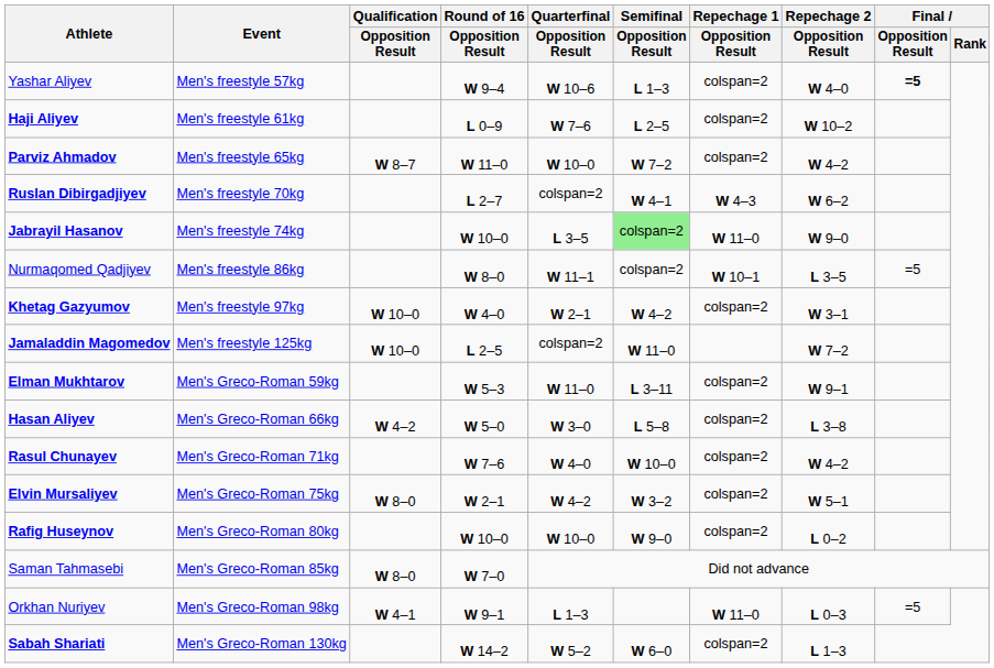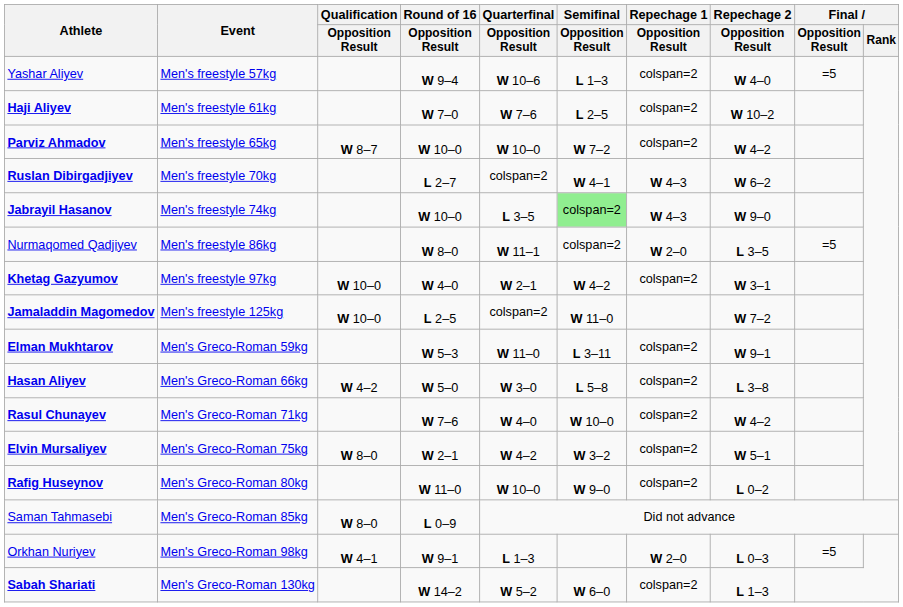 <table class="wikitable" style="font-size:90%">
 <tr>
 <th rowspan="2">Athlete</th>
 <th rowspan="2">Event</th>
 <th>Qualification</th>
 <th>Round of 16</th>
 <th>Quarterfinal</th>
 <th>Semifinal</th>
 <th>Repechage 1</th>
 <th>Repechage 2</th>
 <th colspan=2>Final / </th>
 </tr>
 <tr style="font-size: 95%">
 <th>Opposition<br>Result</th>
 <th>Opposition<br>Result</th>
 <th>Opposition<br>Result</th>
 <th>Opposition<br>Result</th>
 <th>Opposition<br>Result</th>
 <th>Opposition<br>Result</th>
 <th>Opposition<br>Result</th>
 <th>Rank</th>
 </tr>
 <tr align=center>
 <td align=left><a href='#'>Yashar Aliyev</a></td>
 <td align=left><a href='#'>Men's freestyle 57kg</a></td>
 <td></td>
 <td><br><strong>W</strong> 9–4</td>
 <td><br><strong>W</strong> 10–6</td>
 <td><br><strong>L</strong> 1–3</td>
 <td>colspan=2 </td>
 <td><br><strong>W</strong> 4–0</td>
-<td><strong>=5</strong></td>
+<td>=5</td>
 </tr>
 <tr align=center>
 <td align=left><strong><a href='#'>Haji Aliyev</a></strong></td>
 <td align=left><a href='#'>Men's freestyle 61kg</a></td>
 <td></td>
-<td><br><strong>L</strong> 0–9</td>
+<td><br><strong>W</strong> 7–0</td>
 <td><br><strong>W</strong> 7–6</td>
 <td><br><strong>L</strong> 2–5</td>
 <td>colspan=2 </td>
 <td><br><strong>W</strong> 10–2</td>
 <td></td>
 </tr>
 <tr align=center>
 <td align=left><strong><a href='#'>Parviz Ahmadov</a></strong></td>
 <td align=left><a href='#'>Men's freestyle 65kg</a></td>
 <td><br><strong>W</strong> 8–7</td>
-<td><br><strong>W</strong> 11–0</td>
+<td><br><strong>W</strong> 10–0</td>
 <td><br><strong>W</strong> 10–0</td>
 <td><br><strong>W</strong> 7–2</td>
 <td>colspan=2 </td>
 <td><br><strong>W</strong> 4–2</td>
 <td></td>
 </tr>
 <tr align=center>
 <td align=left><strong><a href='#'>Ruslan Dibirgadjiyev</a></strong></td>
 <td align=left><a href='#'>Men's freestyle 70kg</a></td>
 <td></td>
 <td><br><strong>L</strong> 2–7</td>
 <td>colspan=2</td>
 <td><br><strong>W</strong> 4–1</td>
 <td><br><strong>W</strong> 4–3</td>
 <td><br><strong>W</strong> 6–2</td>
 <td></td>
 </tr>
 <tr align=center>
 <td align=left><strong><a href='#'>Jabrayil Hasanov</a></strong></td>
 <td align=left><a href='#'>Men's freestyle 74kg</a></td>
 <td></td>
 <td><br><strong>W</strong> 10–0</td>
 <td><br><strong>L</strong> 3–5</td>
 <td style="background: lightgreen;">colspan=2 </td>
-<td><br><strong>W</strong> 11–0</td>
+<td><br><strong>W</strong> 4–3</td>
 <td><br><strong>W</strong> 9–0</td>
 <td></td>
 </tr>
 <tr align=center>
 <td align=left><a href='#'>Nurmaqomed Qadjiyev</a></td>
 <td align=left><a href='#'>Men's freestyle 86kg</a></td>
 <td></td>
 <td><br><strong>W</strong> 8–0</td>
 <td><br><strong>W</strong> 11–1</td>
 <td>colspan=2 </td>
-<td><br><strong>W</strong> 10–1</td>
+<td><br><strong>W</strong> 2–0</td>
 <td><br><strong>L</strong> 3–5</td>
 <td>=5</td>
 </tr>
 <tr align=center>
 <td align=left><strong><a href='#'>Khetag Gazyumov</a></strong></td>
 <td align=left><a href='#'>Men's freestyle 97kg</a></td>
 <td><br><strong>W</strong> 10–0</td>
 <td><br><strong>W</strong> 4–0</td>
 <td><br><strong>W</strong> 2–1</td>
 <td><br><strong>W</strong> 4–2</td>
 <td>colspan=2 </td>
 <td><br><strong>W</strong> 3–1</td>
 <td></td>
 </tr>
 <tr align=center>
 <td align=left><strong><a href='#'>Jamaladdin Magomedov</a></strong></td>
 <td align=left><a href='#'>Men's freestyle 125kg</a></td>
 <td><br><strong>W</strong> 10–0</td>
 <td><br><strong>L</strong> 2–5</td>
 <td>colspan=2 </td>
 <td><br><strong>W</strong> 11–0</td>
 <td></td>
 <td><br><strong>W</strong> 7–2</td>
 <td></td>
 </tr>
 <tr align=center>
 <td align=left><strong><a href='#'>Elman Mukhtarov</a></strong></td>
 <td align=left><a href='#'>Men's Greco-Roman 59kg</a></td>
 <td></td>
 <td><br><strong>W</strong> 5–3</td>
 <td><br><strong>W</strong> 11–0</td>
 <td><br><strong>L</strong> 3–11</td>
 <td>colspan=2 </td>
 <td><br><strong>W</strong> 9–1</td>
 <td></td>
 </tr>
 <tr align=center>
 <td align=left><strong><a href='#'>Hasan Aliyev</a></strong></td>
 <td align=left><a href='#'>Men's Greco-Roman 66kg</a></td>
 <td><br><strong>W</strong> 4–2</td>
 <td><br><strong>W</strong> 5–0</td>
 <td><br><strong>W</strong> 3–0</td>
 <td><br><strong>L</strong> 5–8</td>
 <td>colspan=2 </td>
 <td><br><strong>L</strong> 3–8</td>
 <td></td>
 </tr>
 <tr align=center>
 <td align=left><strong><a href='#'>Rasul Chunayev</a></strong></td>
 <td align=left><a href='#'>Men's Greco-Roman 71kg</a></td>
 <td></td>
 <td><br><strong>W</strong> 7–6</td>
 <td><br><strong>W</strong> 4–0</td>
 <td><br><strong>W</strong> 10–0</td>
 <td>colspan=2 </td>
 <td><br><strong>W</strong> 4–2</td>
 <td></td>
 </tr>
 <tr align=center>
 <td align=left><strong><a href='#'>Elvin Mursaliyev</a></strong></td>
 <td align=left><a href='#'>Men's Greco-Roman 75kg</a></td>
 <td><br><strong>W</strong> 8–0</td>
 <td><br><strong>W</strong> 2–1</td>
 <td><br><strong>W</strong> 4–2</td>
 <td><br><strong>W</strong> 3–2</td>
 <td>colspan=2 </td>
 <td><br><strong>W</strong> 5–1</td>
 <td></td>
 </tr>
 <tr align=center>
 <td align=left><strong><a href='#'>Rafig Huseynov</a></strong></td>
 <td align=left><a href='#'>Men's Greco-Roman 80kg</a></td>
 <td></td>
-<td><br><strong>W</strong> 10–0</td>
+<td><br><strong>W</strong> 11–0</td>
 <td><br><strong>W</strong> 10–0</td>
 <td><br><strong>W</strong> 9–0</td>
 <td>colspan=2 </td>
 <td><br><strong>L</strong> 0–2</td>
 <td></td>
 </tr>
 <tr align=center>
 <td align=left><a href='#'>Saman Tahmasebi</a></td>
 <td align=left><a href='#'>Men's Greco-Roman 85kg</a></td>
 <td><br><strong>W</strong> 8–0</td>
-<td><br><strong>W</strong> 7–0</td>
+<td><br><strong>L</strong> 0–9</td>
 <td colspan=6>Did not advance</td>
 </tr>
 <tr align=center>
 <td align=left><a href='#'>Orkhan Nuriyev</a></td>
 <td align=left><a href='#'>Men's Greco-Roman 98kg</a></td>
 <td><br><strong>W</strong> 4–1</td>
 <td><br><strong>W</strong> 9–1</td>
 <td><br><strong>L</strong> 1–3</td>
 <td></td>
-<td><br><strong>W</strong> 11–0</td>
+<td><br><strong>W</strong> 2–0</td>
 <td><br><strong>L</strong> 0–3</td>
 <td>=5</td>
 </tr>
 <tr align=center>
 <td align=left><strong><a href='#'>Sabah Shariati</a></strong></td>
 <td align=left><a href='#'>Men's Greco-Roman 130kg</a></td>
 <td></td>
 <td><br><strong>W</strong> 14–2</td>
 <td><br><strong>W</strong> 5–2</td>
 <td><br><strong>W</strong> 6–0</td>
 <td>colspan=2 </td>
 <td><br><strong>L</strong> 1–3</td>
 </tr>
 </table>
